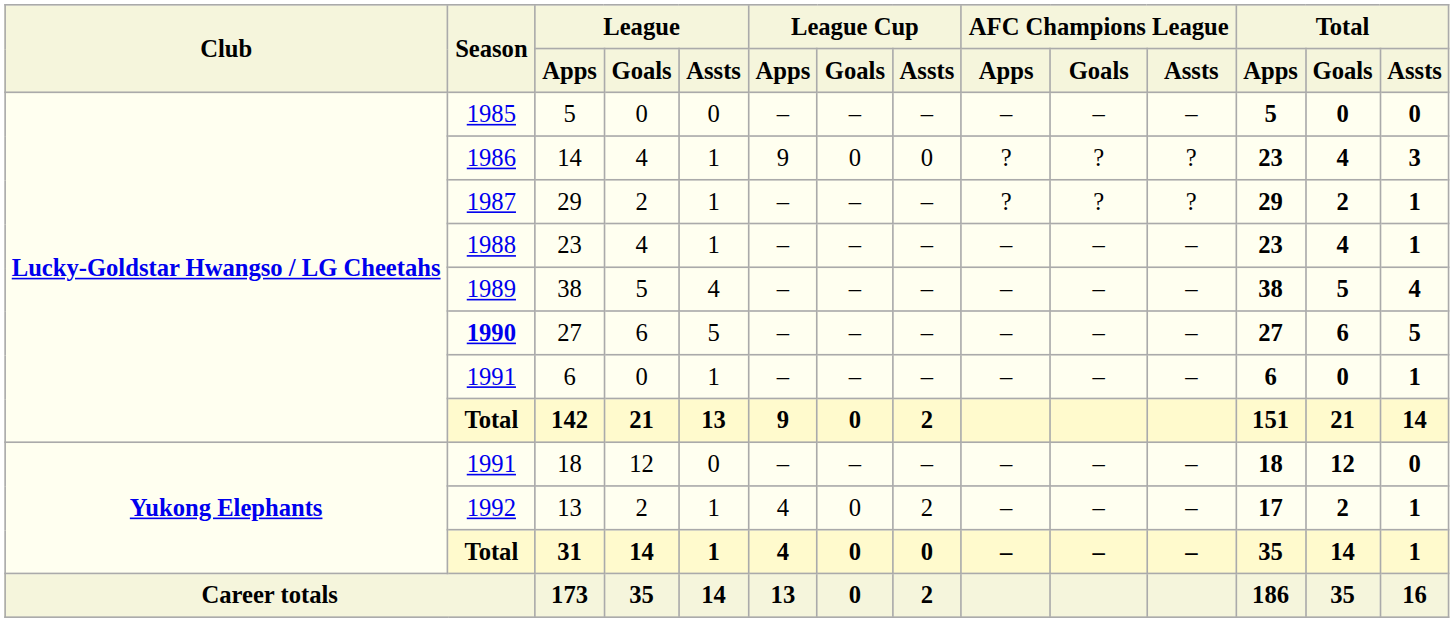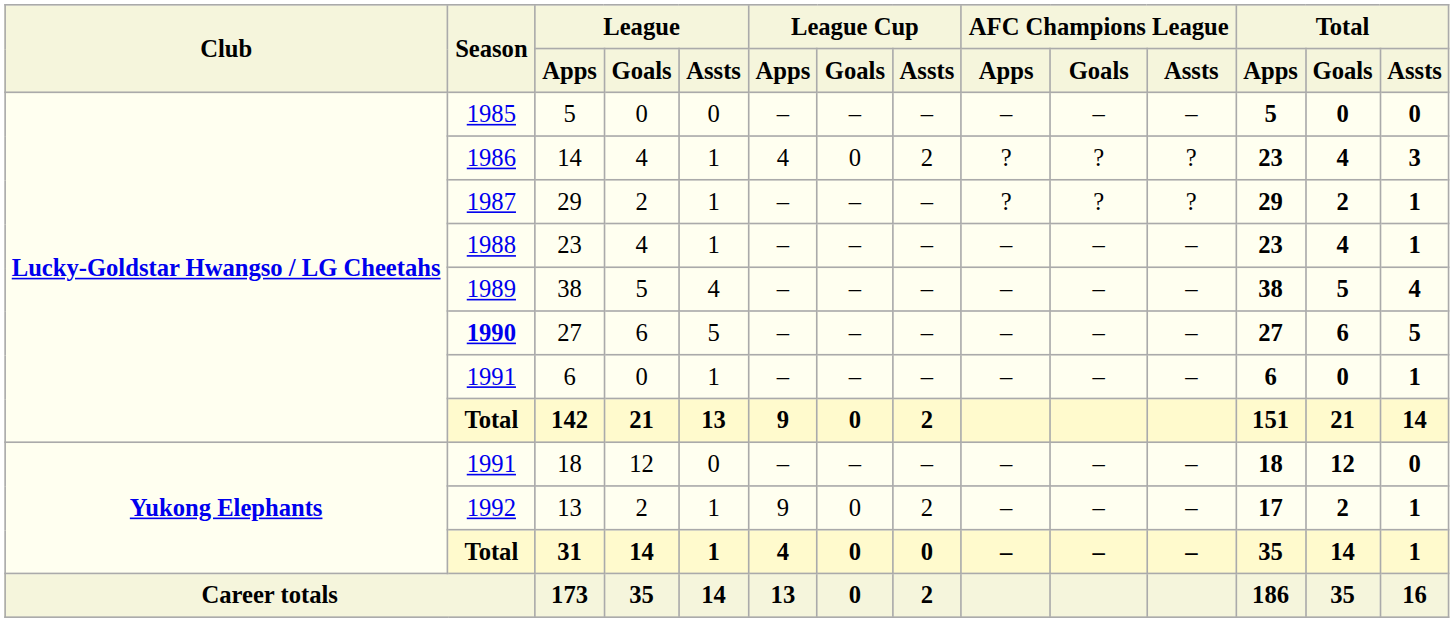 <table border=1 align=center cellpadding=4 cellspacing=2 style="background: ivory; font-size: 95%; border: 1px #aaaaaa solid; border-collapse: collapse; clear:center">
 <tr style="background:beige">
 <th rowspan="2">Club</th>
 <th rowspan="2">Season</th>
 <th colspan="3">League</th>
 <th colspan="3">League Cup</th>
 <th colspan="3">AFC Champions League</th>
 <th colspan="3">Total</th>
 </tr>
 <tr style="background:beige">
 <th>Apps</th>
 <th>Goals</th>
 <th>Assts</th>
 <th>Apps</th>
 <th>Goals</th>
 <th>Assts</th>
 <th>Apps</th>
 <th>Goals</th>
 <th>Assts</th>
 <th>Apps</th>
 <th>Goals</th>
 <th>Assts</th>
 </tr>
 <tr>
 <td rowspan="8" align=center valign=center><strong><a href='#'>Lucky-Goldstar Hwangso / LG Cheetahs</a></strong></td>
 <td align="center"><a href='#'>1985</a></td>
 <td align="center">5</td>
 <td align="center">0</td>
 <td align="center">0</td>
 <td align="center">–</td>
 <td align="center">–</td>
 <td align="center">–</td>
 <td align="center">–</td>
 <td align="center">–</td>
 <td align="center">–</td>
 <th>5</th>
 <th>0</th>
 <th>0</th>
 </tr>
 <tr>
 <td align="center"><a href='#'>1986</a></td>
 <td align="center">14</td>
 <td align="center">4</td>
 <td align="center">1</td>
-<td align="center">9</td>
+<td align="center">4</td>
 <td align="center">0</td>
-<td align="center">0</td>
+<td align="center">2</td>
 <td align="center">?</td>
 <td align="center">?</td>
 <td align="center">?</td>
 <th>23</th>
 <th>4</th>
 <th>3</th>
 </tr>
 <tr>
 <td align="center"><a href='#'>1987</a></td>
 <td align="center">29</td>
 <td align="center">2</td>
 <td align="center">1</td>
 <td align="center">–</td>
 <td align="center">–</td>
 <td align="center">–</td>
 <td align="center">?</td>
 <td align="center">?</td>
 <td align="center">?</td>
 <th>29</th>
 <th>2</th>
 <th>1</th>
 </tr>
 <tr>
 <td align="center"><a href='#'>1988</a></td>
 <td align="center">23</td>
 <td align="center">4</td>
 <td align="center">1</td>
 <td align="center">–</td>
 <td align="center">–</td>
 <td align="center">–</td>
 <td align="center">–</td>
 <td align="center">–</td>
 <td align="center">–</td>
 <th>23</th>
 <th>4</th>
 <th>1</th>
 </tr>
 <tr>
 <td align="center"><a href='#'>1989</a></td>
 <td align="center">38</td>
 <td align="center">5</td>
 <td align="center">4</td>
 <td align="center">–</td>
 <td align="center">–</td>
 <td align="center">–</td>
 <td align="center">–</td>
 <td align="center">–</td>
 <td align="center">–</td>
 <th>38</th>
 <th>5</th>
 <th>4</th>
 </tr>
 <tr>
 <td align="center"><strong><a href='#'>1990</a></strong></td>
 <td align="center">27</td>
 <td align="center">6</td>
 <td align="center">5</td>
 <td align="center">–</td>
 <td align="center">–</td>
 <td align="center">–</td>
 <td align="center">–</td>
 <td align="center">–</td>
 <td align="center">–</td>
 <th>27</th>
 <th>6</th>
 <th>5</th>
 </tr>
 <tr>
 <td align="center"><a href='#'>1991</a></td>
 <td align="center">6</td>
 <td align="center">0</td>
 <td align="center">1</td>
 <td align="center">–</td>
 <td align="center">–</td>
 <td align="center">–</td>
 <td align="center">–</td>
 <td align="center">–</td>
 <td align="center">–</td>
 <th>6</th>
 <th>0</th>
 <th>1</th>
 </tr>
 <tr style="background:lemonchiffon">
 <th>Total</th>
 <th>142</th>
 <th>21</th>
 <th>13</th>
 <th>9</th>
 <th>0</th>
 <th>2</th>
 <th></th>
 <th></th>
 <th></th>
 <th>151</th>
 <th>21</th>
 <th>14</th>
 </tr>
 <tr>
 <td rowspan="3" align=center valign=center><strong><a href='#'>Yukong Elephants</a></strong></td>
 <td align="center"><a href='#'>1991</a></td>
 <td align="center">18</td>
 <td align="center">12</td>
 <td align="center">0</td>
 <td align="center">–</td>
 <td align="center">–</td>
 <td align="center">–</td>
 <td align="center">–</td>
 <td align="center">–</td>
 <td align="center">–</td>
 <th>18</th>
 <th>12</th>
 <th>0</th>
 </tr>
 <tr>
 <td align="center"><a href='#'>1992</a></td>
 <td align="center">13</td>
 <td align="center">2</td>
 <td align="center">1</td>
-<td align="center">4</td>
+<td align="center">9</td>
 <td align="center">0</td>
 <td align="center">2</td>
 <td align="center">–</td>
 <td align="center">–</td>
 <td align="center">–</td>
 <th>17</th>
 <th>2</th>
 <th>1</th>
 </tr>
 <tr style="background:lemonchiffon">
 <th>Total</th>
 <th>31</th>
 <th>14</th>
 <th>1</th>
 <th>4</th>
 <th>0</th>
 <th>0</th>
 <th>–</th>
 <th>–</th>
 <th>–</th>
 <th>35</th>
 <th>14</th>
 <th>1</th>
 </tr>
 <tr style="background:beige">
 <th colspan="2">Career totals</th>
 <th>173</th>
 <th>35</th>
 <th>14</th>
 <th>13</th>
 <th>0</th>
 <th>2</th>
 <th></th>
 <th></th>
 <th></th>
 <th>186</th>
 <th>35</th>
 <th>16</th>
 </tr>
 </table>
